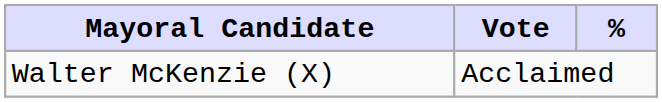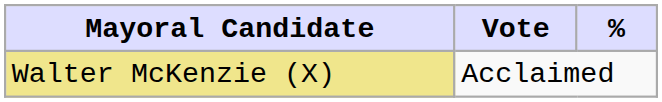 <table class="wikitable">
 <tr>
 <th style="background:#ddf; width:200px;">Mayoral Candidate </th>
 <th style="background:#ddf; width:50px;">Vote</th>
 <th style="background:#ddf; width:30px;">%</th>
 </tr>
 <tr>
-<td>Walter McKenzie (X)</td>
+<td style="background: khaki;">Walter McKenzie (X)</td>
 <td colspan="2">Acclaimed</td>
 </tr>
 </table>
